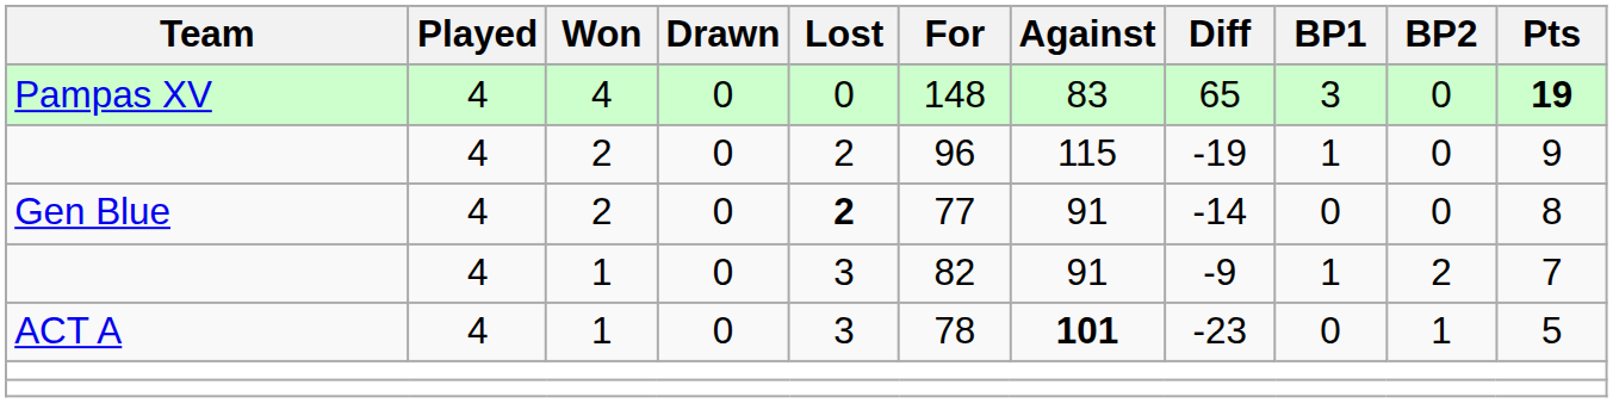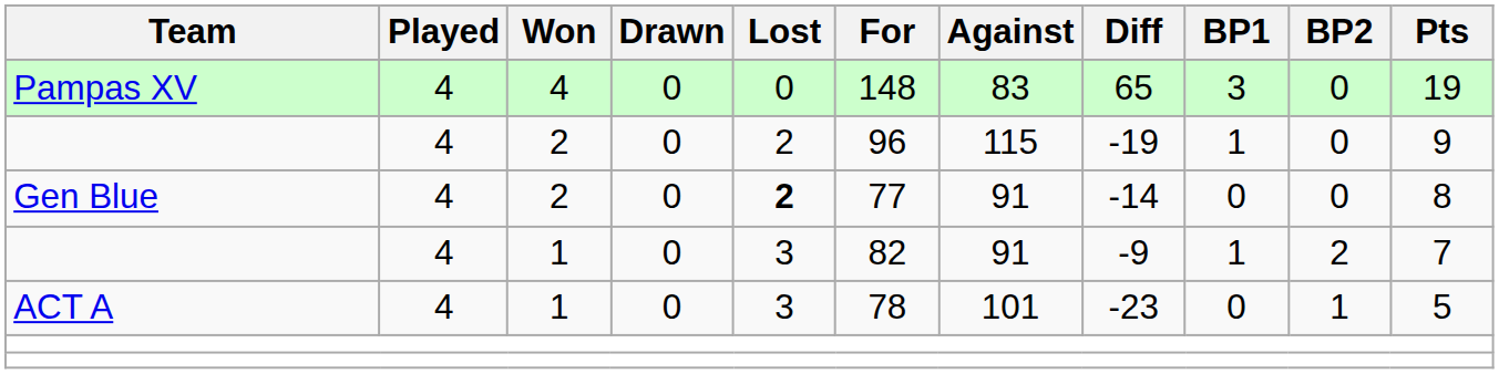 <table class="wikitable">
 <tr>
 <th width=165>Team</th>
 <th width=40>Played</th>
 <th width=40>Won</th>
 <th width=40>Drawn</th>
 <th width=40>Lost</th>
 <th width=40>For</th>
 <th width=40>Against</th>
 <th width=40>Diff</th>
 <th width=40>BP1</th>
 <th width=40>BP2</th>
 <th width=40>Pts</th>
 </tr>
 <tr style="background:#cfc; text-align:center;">
 <td align=left><a href='#'>Pampas XV</a></td>
 <td>4</td>
 <td>4</td>
 <td>0</td>
 <td>0</td>
 <td>148</td>
 <td>83</td>
 <td>65</td>
 <td>3</td>
 <td>0</td>
-<td><strong>19</strong></td>
+<td>19</td>
 </tr>
 <tr style="text-align:center;">
 <td align=left></td>
 <td>4</td>
 <td>2</td>
 <td>0</td>
 <td>2</td>
 <td>96</td>
 <td>115</td>
 <td>-19</td>
 <td>1</td>
 <td>0</td>
 <td>9</td>
 </tr>
 <tr style="text-align:center;">
 <td align=left><a href='#'>Gen Blue</a></td>
 <td>4</td>
 <td>2</td>
 <td>0</td>
 <td><strong>2</strong></td>
 <td>77</td>
 <td>91</td>
 <td>-14</td>
 <td>0</td>
 <td>0</td>
 <td>8</td>
 </tr>
 <tr style="text-align:center;">
 <td align=left></td>
 <td>4</td>
 <td>1</td>
 <td>0</td>
 <td>3</td>
 <td>82</td>
 <td>91</td>
 <td>-9</td>
 <td>1</td>
 <td>2</td>
 <td>7</td>
 </tr>
 <tr style="text-align:center;">
 <td align=left><a href='#'>ACT A</a></td>
 <td>4</td>
 <td>1</td>
 <td>0</td>
 <td>3</td>
 <td>78</td>
-<td><strong>101</strong></td>
+<td>101</td>
 <td>-23</td>
 <td>0</td>
 <td>1</td>
 <td>5</td>
 </tr>
 <tr bgcolor="#ffffff" align=center style="border:0px">
 <td colspan="15"></td>
 </tr>
 <tr bgcolor="#ffffff" align=center style="border:0px">
 <td colspan="15" style=line-height:80%></td>
 </tr>
 </table>
